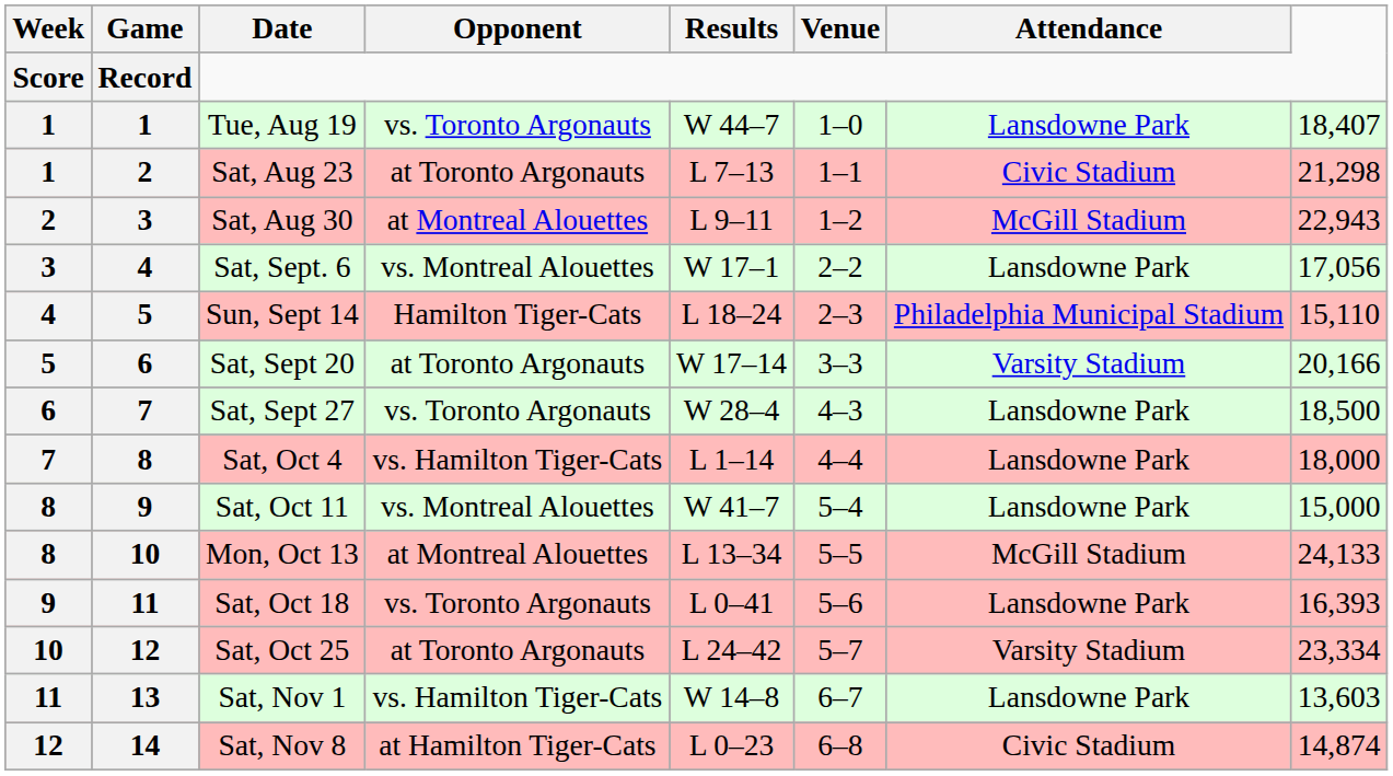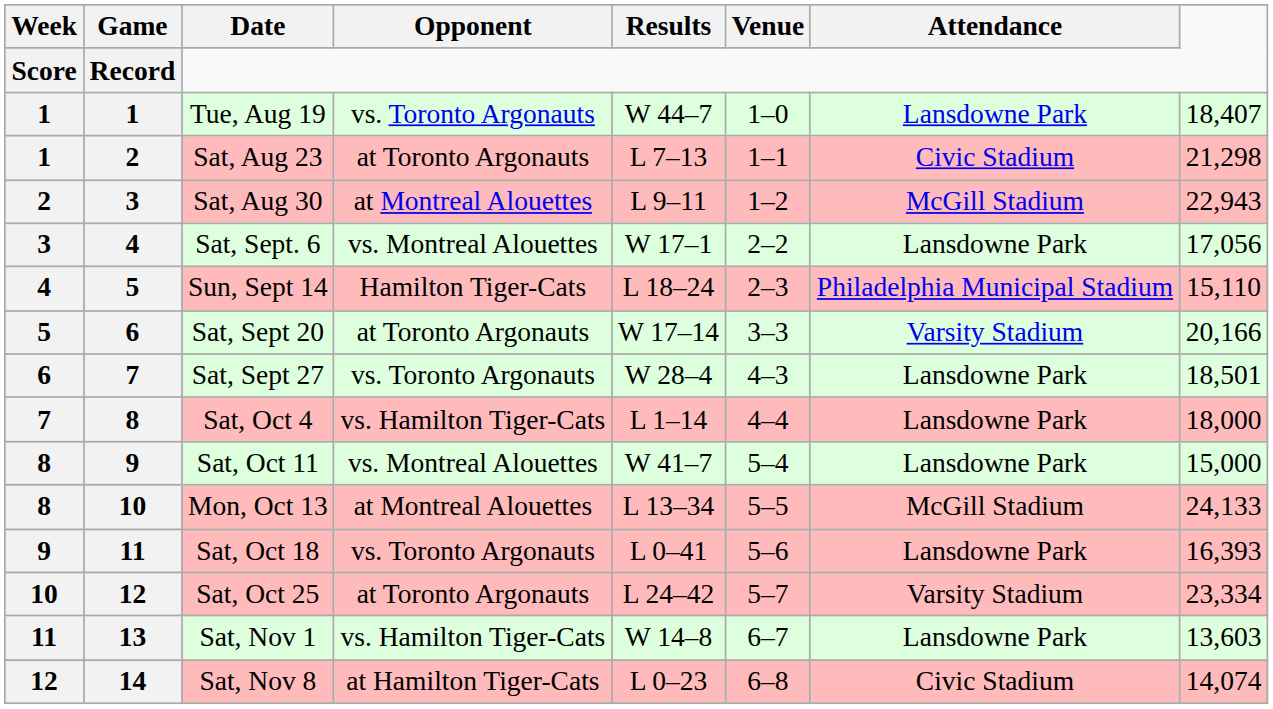 <table class="wikitable" style="text-align:center">
 <tr>
 <th>Week</th>
 <th>Game</th>
 <th>Date</th>
 <th>Opponent</th>
 <th>Results</th>
 <th>Venue</th>
 <th>Attendance</th>
 </tr>
 <tr>
 <th>Score</th>
 <th>Record</th>
 </tr>
 <tr style="background:#ddffdd">
 <th>1</th>
 <th>1</th>
 <td>Tue, Aug 19</td>
 <td>vs. <a href='#'>Toronto Argonauts</a></td>
 <td>W 44–7</td>
 <td>1–0</td>
 <td><a href='#'>Lansdowne Park</a></td>
 <td>18,407</td>
 </tr>
 <tr style="background:#ffbbbb">
 <th>1</th>
 <th>2</th>
 <td>Sat, Aug 23</td>
 <td>at Toronto Argonauts</td>
 <td>L 7–13</td>
 <td>1–1</td>
 <td><a href='#'>Civic Stadium</a></td>
 <td>21,298</td>
 </tr>
 <tr style="background:#ffbbbb">
 <th>2</th>
 <th>3</th>
 <td>Sat, Aug 30</td>
 <td>at <a href='#'>Montreal Alouettes</a></td>
 <td>L 9–11</td>
 <td>1–2</td>
 <td><a href='#'>McGill Stadium</a></td>
 <td>22,943</td>
 </tr>
 <tr style="background:#ddffdd">
 <th>3</th>
 <th>4</th>
 <td>Sat, Sept. 6</td>
 <td>vs. Montreal Alouettes</td>
 <td>W 17–1</td>
 <td>2–2</td>
 <td>Lansdowne Park</td>
 <td>17,056</td>
 </tr>
 <tr style="background:#ffbbbb">
 <th>4</th>
 <th>5</th>
 <td>Sun, Sept 14</td>
 <td>Hamilton Tiger-Cats</td>
 <td>L 18–24</td>
 <td>2–3</td>
 <td><a href='#'>Philadelphia Municipal Stadium</a></td>
 <td>15,110</td>
 </tr>
 <tr style="background:#ddffdd">
 <th>5</th>
 <th>6</th>
 <td>Sat, Sept 20</td>
 <td>at Toronto Argonauts</td>
 <td>W 17–14</td>
 <td>3–3</td>
 <td><a href='#'>Varsity Stadium</a></td>
 <td>20,166</td>
 </tr>
 <tr style="background:#ddffdd">
 <th>6</th>
 <th>7</th>
 <td>Sat, Sept 27</td>
 <td>vs. Toronto Argonauts</td>
 <td>W 28–4</td>
 <td>4–3</td>
 <td>Lansdowne Park</td>
-<td>18,500</td>
+<td>18,501</td>
 </tr>
 <tr style="background:#ffbbbb">
 <th>7</th>
 <th>8</th>
 <td>Sat, Oct 4</td>
 <td>vs. Hamilton Tiger-Cats</td>
 <td>L 1–14</td>
 <td>4–4</td>
 <td>Lansdowne Park</td>
 <td>18,000</td>
 </tr>
 <tr style="background:#ddffdd">
 <th>8</th>
 <th>9</th>
 <td>Sat, Oct 11</td>
 <td>vs. Montreal Alouettes</td>
 <td>W 41–7</td>
 <td>5–4</td>
 <td>Lansdowne Park</td>
 <td>15,000</td>
 </tr>
 <tr style="background:#ffbbbb">
 <th>8</th>
 <th>10</th>
 <td>Mon, Oct 13</td>
 <td>at Montreal Alouettes</td>
 <td>L 13–34</td>
 <td>5–5</td>
 <td>McGill Stadium</td>
 <td>24,133</td>
 </tr>
 <tr style="background:#ffbbbb">
 <th>9</th>
 <th>11</th>
 <td>Sat, Oct 18</td>
 <td>vs. Toronto Argonauts</td>
 <td>L 0–41</td>
 <td>5–6</td>
 <td>Lansdowne Park</td>
 <td>16,393</td>
 </tr>
 <tr style="background:#ffbbbb">
 <th>10</th>
 <th>12</th>
 <td>Sat, Oct 25</td>
 <td>at Toronto Argonauts</td>
 <td>L 24–42</td>
 <td>5–7</td>
 <td>Varsity Stadium</td>
 <td>23,334</td>
 </tr>
 <tr style="background:#ddffdd">
 <th>11</th>
 <th>13</th>
 <td>Sat, Nov 1</td>
 <td>vs. Hamilton Tiger-Cats</td>
 <td>W 14–8</td>
 <td>6–7</td>
 <td>Lansdowne Park</td>
 <td>13,603</td>
 </tr>
 <tr style="background:#ffbbbb">
 <th>12</th>
 <th>14</th>
 <td>Sat, Nov 8</td>
 <td>at Hamilton Tiger-Cats</td>
 <td>L 0–23</td>
 <td>6–8</td>
 <td>Civic Stadium</td>
-<td>14,874</td>
+<td>14,074</td>
 </tr>
 </table>
